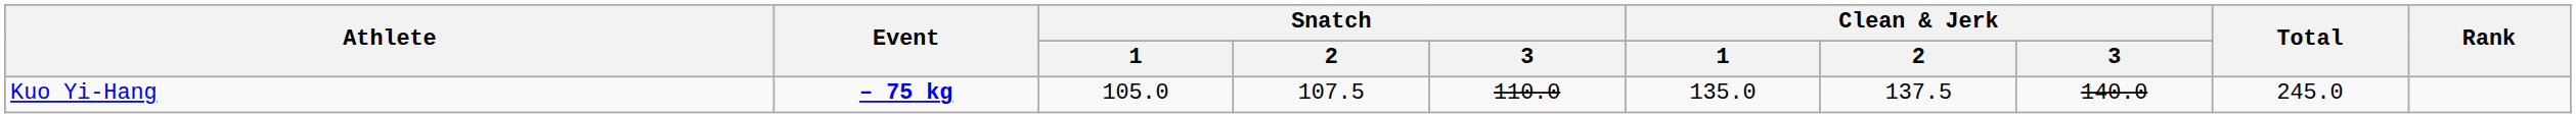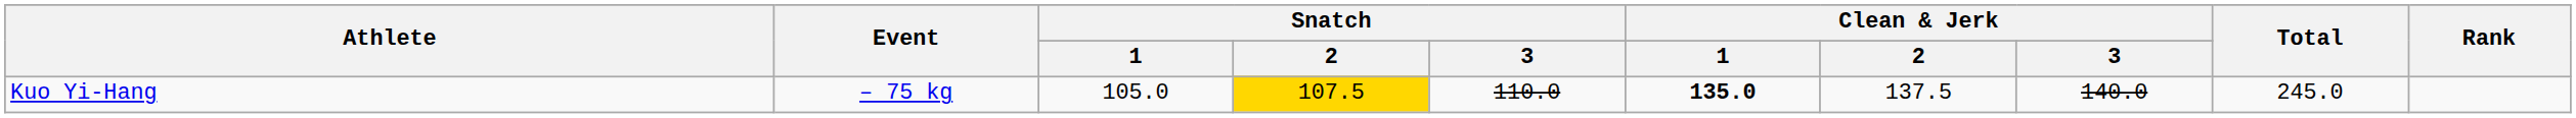 <table class=wikitable style="font-size:95%" width="90%">
 <tr>
 <th rowspan="2">Athlete</th>
 <th rowspan="2">Event</th>
 <th colspan="3">Snatch</th>
 <th colspan="3">Clean & Jerk</th>
 <th rowspan="2">Total</th>
 <th rowspan="2">Rank</th>
 </tr>
 <tr>
 <th>1</th>
 <th>2</th>
 <th>3</th>
 <th>1</th>
 <th>2</th>
 <th>3</th>
 </tr>
 <tr>
 <td width=30%><a href='#'>Kuo Yi-Hang</a></td>
-<td align=center><strong><a href='#'>– 75 kg</a></strong></td>
+<td align=center><a href='#'>– 75 kg</a></td>
 <td align=center>105.0</td>
-<td align=center>107.5</td>
+<td align=center style="background: gold;">107.5</td>
 <td align=center><s>110.0</s></td>
-<td align=center>135.0</td>
+<td align=center><strong>135.0</strong></td>
 <td align=center>137.5</td>
 <td align=center><s>140.0</s></td>
 <td align=center>245.0</td>
 <td align=center></td>
 </tr>
 </table>
